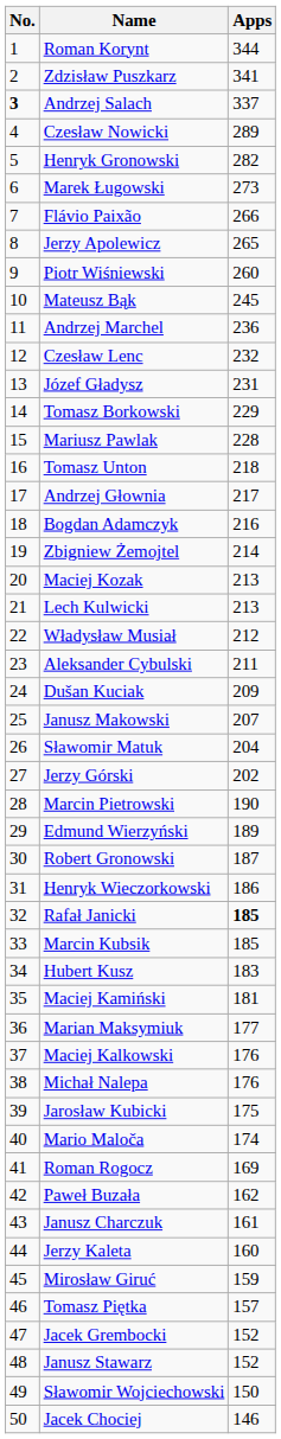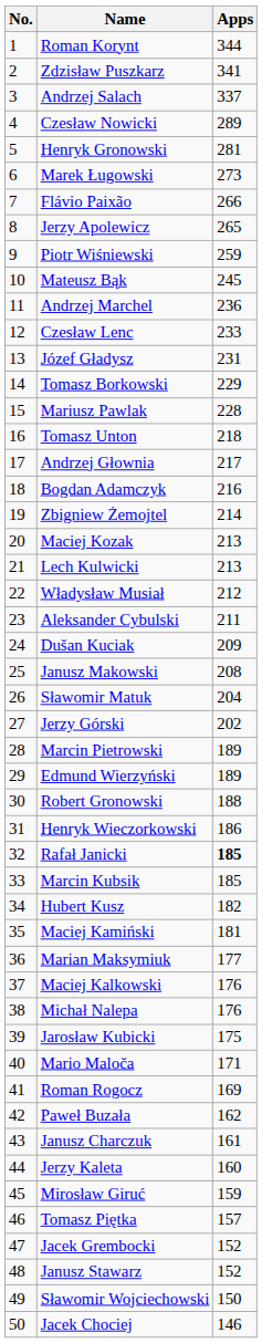 <table class="wikitable" style="display: inline-table;">
 <tr>
 <th>No.</th>
 <th>Name</th>
 <th>Apps</th>
 </tr>
 <tr>
 <td>1</td>
 <td><a href='#'>Roman Korynt</a></td>
 <td>344</td>
 </tr>
 <tr>
 <td>2</td>
 <td><a href='#'>Zdzisław Puszkarz</a></td>
 <td>341</td>
 </tr>
 <tr>
-<td><strong>3</strong></td>
+<td>3</td>
 <td><a href='#'>Andrzej Salach</a></td>
 <td>337</td>
 </tr>
 <tr>
 <td>4</td>
 <td><a href='#'>Czesław Nowicki</a></td>
 <td>289</td>
 </tr>
 <tr>
 <td>5</td>
 <td><a href='#'>Henryk Gronowski</a></td>
-<td>282</td>
+<td>281</td>
 </tr>
 <tr>
 <td>6</td>
 <td><a href='#'>Marek Ługowski</a></td>
 <td>273</td>
 </tr>
 <tr>
 <td>7</td>
 <td><a href='#'>Flávio Paixão</a></td>
 <td>266</td>
 </tr>
 <tr>
 <td>8</td>
 <td><a href='#'>Jerzy Apolewicz</a></td>
 <td>265</td>
 </tr>
 <tr>
 <td>9</td>
 <td><a href='#'>Piotr Wiśniewski</a></td>
-<td>260</td>
+<td>259</td>
 </tr>
 <tr>
 <td>10</td>
 <td><a href='#'>Mateusz Bąk</a></td>
 <td>245</td>
 </tr>
 <tr>
 <td>11</td>
 <td><a href='#'>Andrzej Marchel</a></td>
 <td>236</td>
 </tr>
 <tr>
 <td>12</td>
 <td><a href='#'>Czesław Lenc</a></td>
-<td>232</td>
+<td>233</td>
 </tr>
 <tr>
 <td>13</td>
 <td><a href='#'>Józef Gładysz</a></td>
 <td>231</td>
 </tr>
 <tr>
 <td>14</td>
 <td><a href='#'>Tomasz Borkowski</a></td>
 <td>229</td>
 </tr>
 <tr>
 <td>15</td>
 <td><a href='#'>Mariusz Pawlak</a></td>
 <td>228</td>
 </tr>
 <tr>
 <td>16</td>
 <td><a href='#'>Tomasz Unton</a></td>
 <td>218</td>
 </tr>
 <tr>
 <td>17</td>
 <td><a href='#'>Andrzej Głownia</a></td>
 <td>217</td>
 </tr>
 <tr>
 <td>18</td>
 <td><a href='#'>Bogdan Adamczyk</a></td>
 <td>216</td>
 </tr>
 <tr>
 <td>19</td>
 <td><a href='#'>Zbigniew Żemojtel</a></td>
 <td>214</td>
 </tr>
 <tr>
 <td>20</td>
 <td><a href='#'>Maciej Kozak</a></td>
 <td>213</td>
 </tr>
 <tr>
 <td>21</td>
 <td><a href='#'>Lech Kulwicki</a></td>
 <td>213</td>
 </tr>
 <tr>
 <td>22</td>
 <td><a href='#'>Władysław Musiał</a></td>
 <td>212</td>
 </tr>
 <tr>
 <td>23</td>
 <td><a href='#'>Aleksander Cybulski</a></td>
 <td>211</td>
 </tr>
 <tr>
 <td>24</td>
 <td><a href='#'>Dušan Kuciak</a></td>
 <td>209</td>
 </tr>
 <tr>
 <td>25</td>
 <td><a href='#'>Janusz Makowski</a></td>
-<td>207</td>
+<td>208</td>
 </tr>
 <tr>
 <td>26</td>
 <td><a href='#'>Sławomir Matuk</a></td>
 <td>204</td>
 </tr>
 <tr>
 <td>27</td>
 <td><a href='#'>Jerzy Górski</a></td>
 <td>202</td>
 </tr>
 <tr>
 <td>28</td>
 <td><a href='#'>Marcin Pietrowski</a></td>
-<td>190</td>
+<td>189</td>
 </tr>
 <tr>
 <td>29</td>
 <td><a href='#'>Edmund Wierzyński</a></td>
 <td>189</td>
 </tr>
 <tr>
 <td>30</td>
 <td><a href='#'>Robert Gronowski</a></td>
-<td>187</td>
+<td>188</td>
 </tr>
 <tr>
 <td>31</td>
 <td><a href='#'>Henryk Wieczorkowski</a></td>
 <td>186</td>
 </tr>
 <tr>
 <td>32</td>
 <td><a href='#'>Rafał Janicki</a></td>
 <td><strong>185</strong></td>
 </tr>
 <tr>
 <td>33</td>
 <td><a href='#'>Marcin Kubsik</a></td>
 <td>185</td>
 </tr>
 <tr>
 <td>34</td>
 <td><a href='#'>Hubert Kusz</a></td>
-<td>183</td>
+<td>182</td>
 </tr>
 <tr>
 <td>35</td>
 <td><a href='#'>Maciej Kamiński</a></td>
 <td>181</td>
 </tr>
 <tr>
 <td>36</td>
 <td><a href='#'>Marian Maksymiuk</a></td>
 <td>177</td>
 </tr>
 <tr>
 <td>37</td>
 <td><a href='#'>Maciej Kalkowski</a></td>
 <td>176</td>
 </tr>
 <tr>
 <td>38</td>
 <td><a href='#'>Michał Nalepa</a></td>
 <td>176</td>
 </tr>
 <tr>
 <td>39</td>
 <td><a href='#'>Jarosław Kubicki</a></td>
 <td>175</td>
 </tr>
 <tr>
 <td>40</td>
 <td><a href='#'>Mario Maloča</a></td>
-<td>174</td>
+<td>171</td>
 </tr>
 <tr>
 <td>41</td>
 <td><a href='#'>Roman Rogocz</a></td>
 <td>169</td>
 </tr>
 <tr>
 <td>42</td>
 <td><a href='#'>Paweł Buzała</a></td>
 <td>162</td>
 </tr>
 <tr>
 <td>43</td>
 <td><a href='#'>Janusz Charczuk</a></td>
 <td>161</td>
 </tr>
 <tr>
 <td>44</td>
 <td><a href='#'>Jerzy Kaleta</a></td>
 <td>160</td>
 </tr>
 <tr>
 <td>45</td>
 <td><a href='#'>Mirosław Giruć</a></td>
 <td>159</td>
 </tr>
 <tr>
 <td>46</td>
 <td><a href='#'>Tomasz Piętka</a></td>
 <td>157</td>
 </tr>
 <tr>
 <td>47</td>
 <td><a href='#'>Jacek Grembocki</a></td>
 <td>152</td>
 </tr>
 <tr>
 <td>48</td>
 <td><a href='#'>Janusz Stawarz</a></td>
 <td>152</td>
 </tr>
 <tr>
 <td>49</td>
 <td><a href='#'>Sławomir Wojciechowski</a></td>
 <td>150</td>
 </tr>
 <tr>
 <td>50</td>
 <td><a href='#'>Jacek Chociej</a></td>
 <td>146</td>
 </tr>
 </table>
